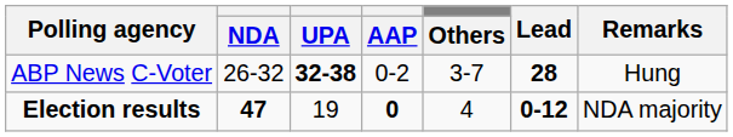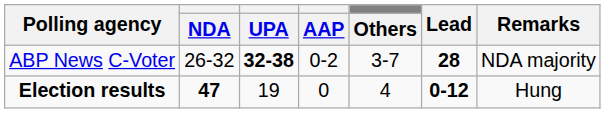 <table class="wikitable sortable" style="text-align:center">
 <tr>
 <th rowspan="2">Polling agency</th>
 <th style="background:"></th>
 <th style="background:"></th>
 <th style="text-align:center; background:"></th>
 <th style="background:gray;"></th>
 <th rowspan="2">Lead</th>
 <th rowspan="2">Remarks</th>
 </tr>
 <tr>
 <th><a href='#'>NDA</a></th>
 <th><a href='#'>UPA</a></th>
 <th><a href='#'>AAP</a></th>
 <th>Others</th>
 </tr>
 <tr>
 <td><a href='#'>ABP News</a> <a href='#'>C-Voter</a></td>
 <td>26-32</td>
 <td><strong>32-38</strong></td>
 <td>0-2</td>
 <td>3-7</td>
 <td><strong>28</strong></td>
-<td>Hung</td>
+<td style="background:">NDA majority</td>
 </tr>
 <tr>
 <td style="background:"><strong>Election results</strong></td>
 <td><strong>47</strong></td>
 <td style="background:">19</td>
-<td style="background:"><strong>0</strong></td>
+<td style="background:">0</td>
 <td style="background:">4</td>
 <td><strong>0-12</strong></td>
-<td style="background:">NDA majority</td>
+<td>Hung</td>
 </tr>
 </table>
